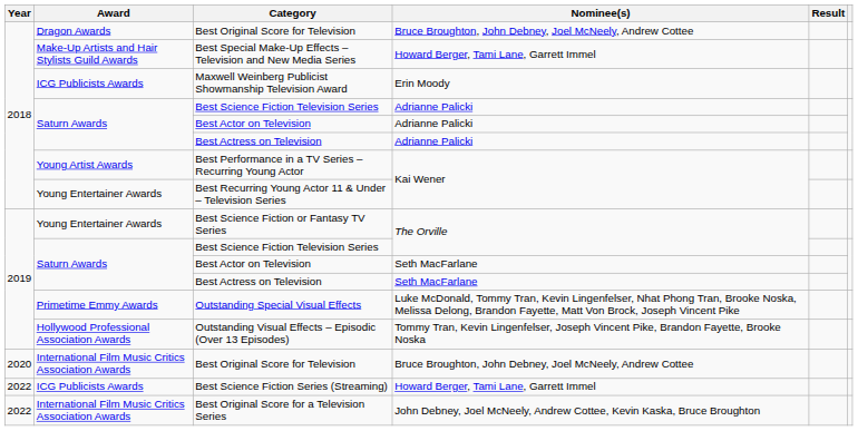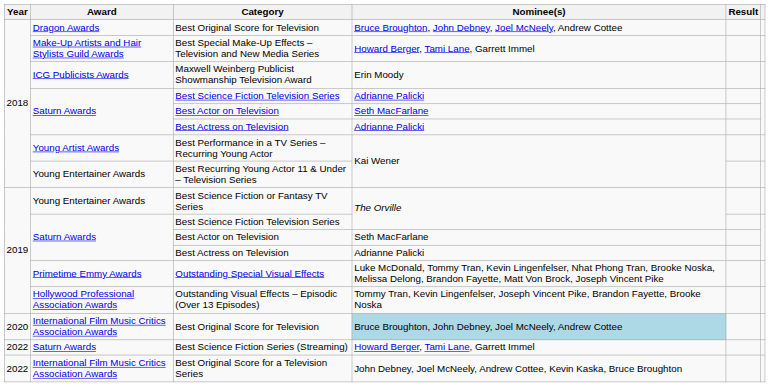 <table class="wikitable sortable plainrowheaders">
 <tr>
 <th scope="col">Year</th>
 <th scope="col">Award</th>
 <th scope="col">Category</th>
 <th scope="col">Nominee(s)</th>
 <th scope="col">Result</th>
 <th></th>
 </tr>
 <tr>
 <td scope="row" rowspan="8">2018</td>
 <td><a href='#'>Dragon Awards</a></td>
 <td>Best Original Score for Television</td>
 <td><a href='#'>Bruce Broughton</a>, <a href='#'>John Debney</a>, <a href='#'>Joel McNeely</a>, Andrew Cottee</td>
 <td></td>
 <td style="text-align:center;"></td>
 </tr>
 <tr>
 <td scope="row"><a href='#'>Make-Up Artists and Hair Stylists Guild Awards</a></td>
 <td>Best Special Make-Up Effects – Television and New Media Series</td>
 <td><a href='#'>Howard Berger</a>, <a href='#'>Tami Lane</a>, Garrett Immel</td>
 <td></td>
 <td style="text-align:center;"></td>
 </tr>
 <tr>
 <td scope="row"><a href='#'>ICG Publicists Awards</a></td>
 <td>Maxwell Weinberg Publicist Showmanship Television Award</td>
 <td>Erin Moody</td>
 <td></td>
 <td style="text-align:center;"></td>
 </tr>
 <tr>
 <td scope="row" rowspan="3"><a href='#'>Saturn Awards</a></td>
 <td><a href='#'>Best Science Fiction Television Series</a></td>
 <td><a href='#'>Adrianne Palicki</a></td>
 <td></td>
 <td rowspan="3" style="text-align:center;"></td>
 </tr>
 <tr>
 <td><a href='#'>Best Actor on Television</a></td>
-<td>Adrianne Palicki</td>
+<td><a href='#'>Seth MacFarlane</a></td>
 <td></td>
 </tr>
 <tr>
 <td><a href='#'>Best Actress on Television</a></td>
 <td><a href='#'>Adrianne Palicki</a></td>
 <td></td>
 </tr>
 <tr>
 <td><a href='#'>Young Artist Awards</a></td>
 <td>Best Performance in a TV Series – Recurring Young Actor</td>
 <td rowspan="2">Kai Wener</td>
 <td></td>
 <td style="text-align:center;"></td>
 </tr>
 <tr>
 <td>Young Entertainer Awards</td>
 <td>Best Recurring Young Actor 11 & Under – Television Series</td>
 <td></td>
 <td style="text-align:center;"></td>
 </tr>
 <tr>
 <td rowspan="6">2019</td>
 <td>Young Entertainer Awards</td>
 <td>Best Science Fiction or Fantasy TV Series</td>
 <td rowspan="2"><em>The Orville</em></td>
 <td></td>
 <td style="text-align:center;"></td>
 </tr>
 <tr>
 <td rowspan="3"><a href='#'>Saturn Awards</a></td>
 <td>Best Science Fiction Television Series</td>
 <td></td>
 <td rowspan="3" style="text-align:center;"></td>
 </tr>
 <tr>
 <td>Best Actor on Television</td>
 <td>Seth MacFarlane</td>
 <td></td>
 </tr>
 <tr>
 <td>Best Actress on Television</td>
-<td><a href='#'>Seth MacFarlane</a></td>
+<td>Adrianne Palicki</td>
 <td></td>
 </tr>
 <tr>
 <td scope="row"><a href='#'>Primetime Emmy Awards</a></td>
 <td><a href='#'>Outstanding Special Visual Effects</a></td>
 <td>Luke McDonald, Tommy Tran, Kevin Lingenfelser, Nhat Phong Tran, Brooke Noska, Melissa Delong, Brandon Fayette, Matt Von Brock, Joseph Vincent Pike </td>
 <td></td>
 <td style="text-align:center;"></td>
 </tr>
 <tr>
 <td scope="row"><a href='#'>Hollywood Professional Association Awards</a></td>
 <td>Outstanding Visual Effects – Episodic (Over 13 Episodes)</td>
 <td>Tommy Tran, Kevin Lingenfelser, Joseph Vincent Pike, Brandon Fayette, Brooke Noska </td>
 <td></td>
 <td style="text-align:center;"></td>
 </tr>
 <tr>
 <td>2020</td>
 <td><a href='#'>International Film Music Critics Association Awards</a></td>
 <td>Best Original Score for Television</td>
-<td>Bruce Broughton, John Debney, Joel McNeely, Andrew Cottee</td>
+<td style="background: lightblue;">Bruce Broughton, John Debney, Joel McNeely, Andrew Cottee</td>
 <td></td>
 <td style="text-align:center;"></td>
 </tr>
 <tr>
 <td>2022</td>
-<td scope="row"><a href='#'>ICG Publicists Awards</a></td>
+<td><a href='#'>Saturn Awards</a></td>
 <td>Best Science Fiction Series (Streaming)</td>
 <td><a href='#'>Howard Berger</a>, <a href='#'>Tami Lane</a>, Garrett Immel</td>
 <td></td>
 <td style="text-align:center;"></td>
 </tr>
 <tr>
 <td>2022</td>
 <td><a href='#'>International Film Music Critics Association Awards</a></td>
 <td>Best Original Score for a Television Series</td>
 <td>John Debney, Joel McNeely, Andrew Cottee, Kevin Kaska, Bruce Broughton</td>
 <td></td>
 <td style="text-align:center;"></td>
 </tr>
 </table>
